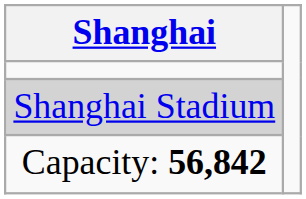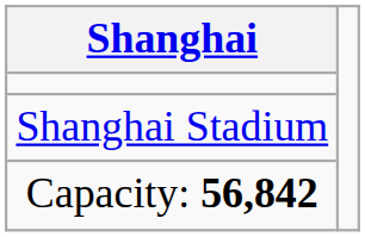 <table class="wikitable" style="text-align:center">
 <tr>
 <th><a href='#'>Shanghai</a></th>
 <td rowspan="4"><br></td>
 </tr>
 <tr>
 <td align="center"></td>
 </tr>
 <tr>
-<td style="background: lightgrey;"><a href='#'>Shanghai Stadium</a></td>
+<td><a href='#'>Shanghai Stadium</a></td>
 </tr>
 <tr>
 <td>Capacity: <strong>56,842</strong></td>
 </tr>
 </table>
